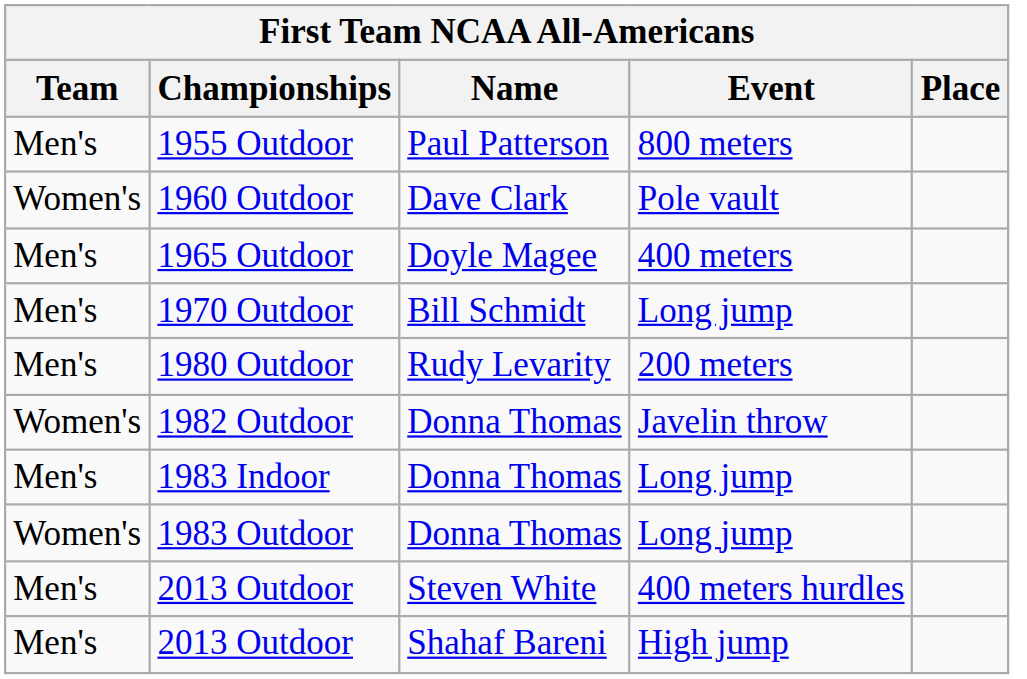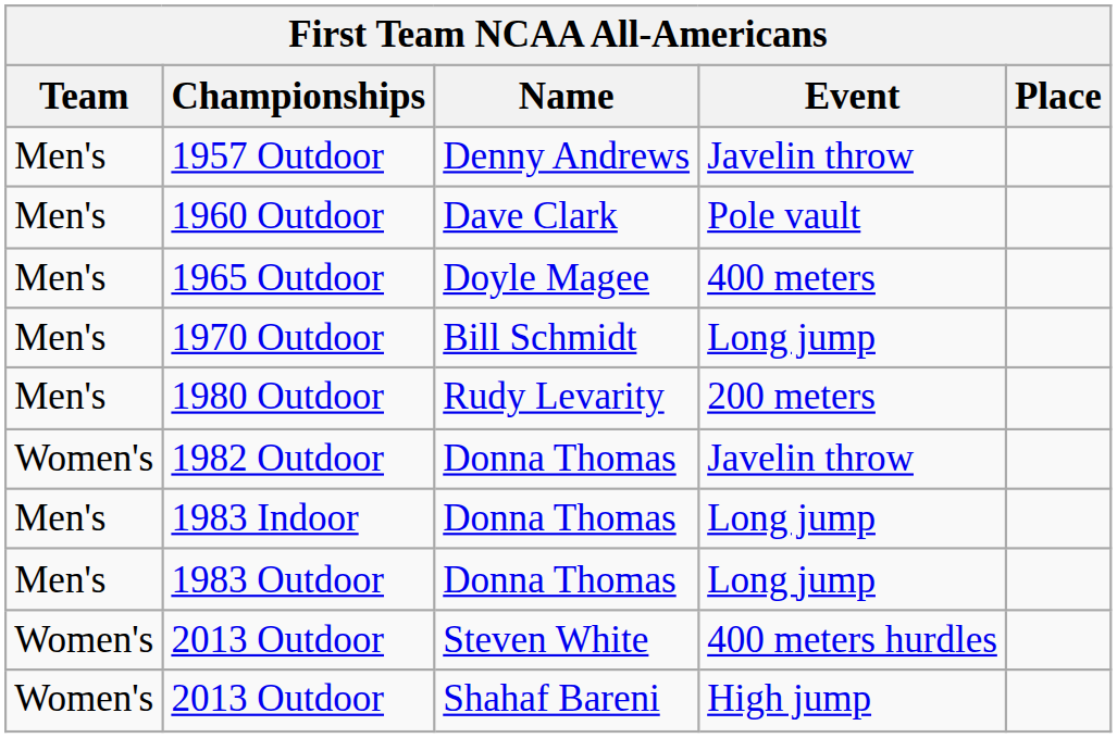 <table class="wikitable sortable">
 <tr>
 <th colspan="5">First Team NCAA All-Americans</th>
 </tr>
 <tr>
 <th scope="col">Team</th>
 <th scope="col">Championships</th>
 <th scope="col">Name</th>
 <th scope="col">Event</th>
 <th scope="col">Place</th>
 </tr>
 <tr>
 <td>Men's</td>
-<td><a href='#'>1955 Outdoor</a></td>
-<td><a href='#'>Paul Patterson</a></td>
-<td><a href='#'>800 meters</a></td>
+<td><a href='#'>1957 Outdoor</a></td>
+<td><a href='#'>Denny Andrews</a></td>
+<td><a href='#'>Javelin throw</a></td>
 <td></td>
 </tr>
 <tr>
-<td>Women's</td>
+<td>Men's</td>
 <td><a href='#'>1960 Outdoor</a></td>
 <td><a href='#'>Dave Clark</a></td>
 <td><a href='#'>Pole vault</a></td>
 <td></td>
 </tr>
 <tr>
 <td>Men's</td>
 <td><a href='#'>1965 Outdoor</a></td>
 <td><a href='#'>Doyle Magee</a></td>
 <td><a href='#'>400 meters</a></td>
 <td></td>
 </tr>
 <tr>
 <td>Men's</td>
 <td><a href='#'>1970 Outdoor</a></td>
 <td><a href='#'>Bill Schmidt</a></td>
 <td><a href='#'>Long jump</a></td>
 <td></td>
 </tr>
 <tr>
 <td>Men's</td>
 <td><a href='#'>1980 Outdoor</a></td>
 <td><a href='#'>Rudy Levarity</a></td>
 <td><a href='#'>200 meters</a></td>
 <td></td>
 </tr>
 <tr>
 <td>Women's</td>
 <td><a href='#'>1982 Outdoor</a></td>
 <td><a href='#'>Donna Thomas</a></td>
 <td><a href='#'>Javelin throw</a></td>
 <td></td>
 </tr>
 <tr>
 <td>Men's</td>
 <td><a href='#'>1983 Indoor</a></td>
 <td><a href='#'>Donna Thomas</a></td>
 <td><a href='#'>Long jump</a></td>
 <td></td>
 </tr>
 <tr>
-<td>Women's</td>
+<td>Men's</td>
 <td><a href='#'>1983 Outdoor</a></td>
 <td><a href='#'>Donna Thomas</a></td>
 <td><a href='#'>Long jump</a></td>
 <td></td>
 </tr>
 <tr>
-<td>Men's</td>
+<td>Women's</td>
 <td><a href='#'>2013 Outdoor</a></td>
 <td><a href='#'>Steven White</a></td>
 <td><a href='#'>400 meters hurdles</a></td>
 <td></td>
 </tr>
 <tr>
-<td>Men's</td>
+<td>Women's</td>
 <td><a href='#'>2013 Outdoor</a></td>
 <td><a href='#'>Shahaf Bareni</a></td>
 <td><a href='#'>High jump</a></td>
 <td></td>
 </tr>
 </table>
